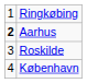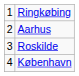 <table class="wikitable">
 <tr>
 <td>1</td>
 <td><a href='#'>Ringkøbing</a></td>
 </tr>
 <tr>
-<td><strong>2</strong></td>
+<td>2</td>
 <td><a href='#'>Aarhus</a></td>
 </tr>
 <tr>
 <td>3</td>
 <td><a href='#'>Roskilde</a></td>
 </tr>
 <tr>
 <td>4</td>
 <td><a href='#'>København</a></td>
 </tr>
 </table>
